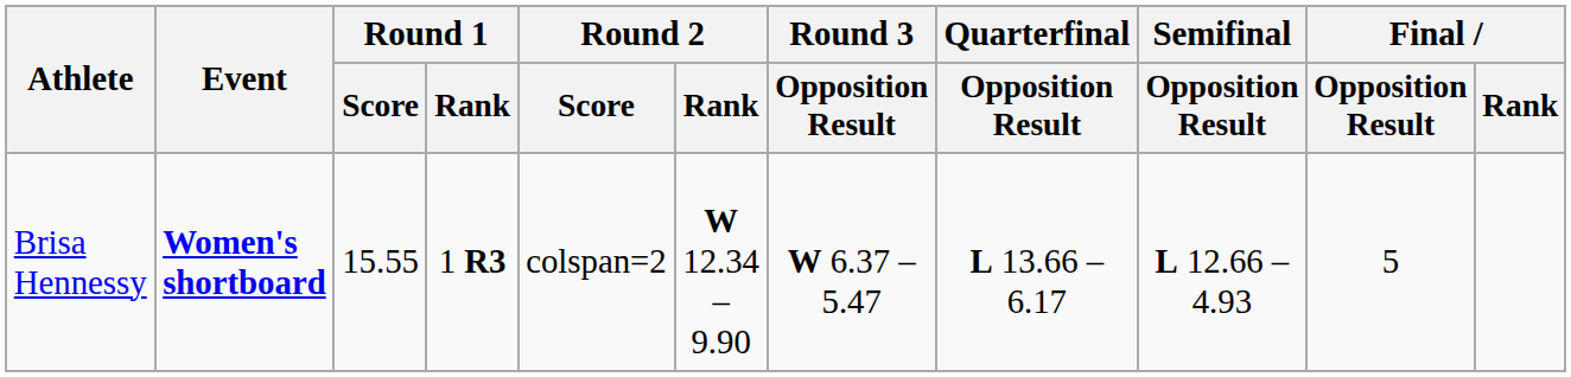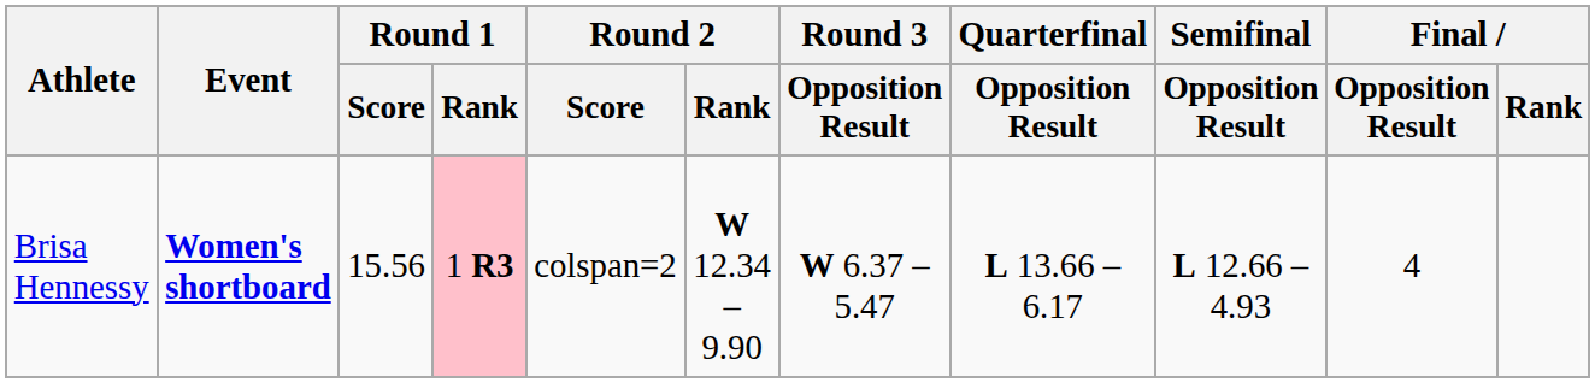 <table class=wikitable style="font-size:90%">
 <tr>
 <th rowspan=2>Athlete</th>
 <th rowspan=2>Event</th>
 <th colspan=2>Round 1</th>
 <th colspan=2>Round 2</th>
 <th>Round 3</th>
 <th>Quarterfinal</th>
 <th>Semifinal</th>
 <th colspan=2>Final / </th>
 </tr>
 <tr style=font-size:95%>
 <th>Score</th>
 <th>Rank</th>
 <th>Score</th>
 <th>Rank</th>
 <th>Opposition<br>Result</th>
 <th>Opposition<br>Result</th>
 <th>Opposition<br>Result</th>
 <th>Opposition<br>Result</th>
 <th>Rank</th>
 </tr>
 <tr align=center>
 <td align=left><a href='#'>Brisa Hennessy</a></td>
 <td align=left><strong><a href='#'>Women's shortboard</a></strong></td>
-<td>15.55</td>
-<td>1 <strong>R3</strong></td>
+<td>15.56</td>
+<td style="background: pink;">1 <strong>R3</strong></td>
 <td>colspan=2</td>
 <td><br><strong>W</strong> 12.34 – 9.90</td>
 <td><br><strong>W</strong> 6.37 – 5.47</td>
 <td><br><strong>L</strong> 13.66 – 6.17</td>
 <td><br><strong>L</strong> 12.66 – 4.93</td>
-<td>5</td>
+<td>4</td>
 </tr>
 </table>
